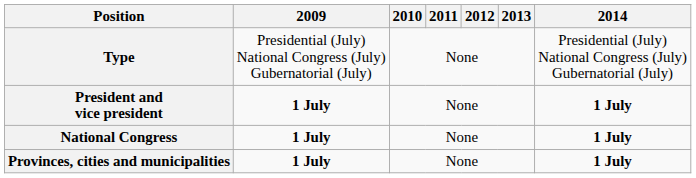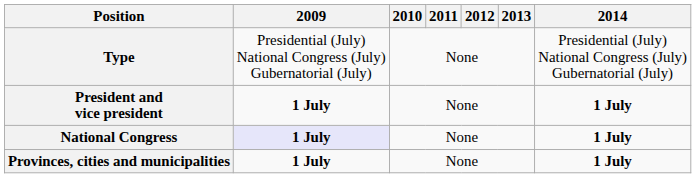 <table class=wikitable style="text-align:center;">
 <tr>
 <th>Position</th>
 <th>2009</th>
 <th>2010</th>
 <th>2011</th>
 <th>2012</th>
 <th>2013</th>
 <th>2014</th>
 </tr>
 <tr>
 <th>Type</th>
 <td>Presidential (July)<br>National Congress (July)<br>Gubernatorial (July)</td>
 <td colspan=4>None</td>
 <td>Presidential (July)<br>National Congress (July)<br>Gubernatorial (July)</td>
 </tr>
 <tr>
 <th>President and<br>vice president</th>
 <td><strong>1 July</strong></td>
 <td colspan=4>None</td>
 <td><strong>1 July</strong></td>
 </tr>
 <tr>
 <th>National Congress</th>
-<td><strong>1 July</strong></td>
+<td style="background: lavender;"><strong>1 July</strong></td>
 <td colspan=4>None</td>
 <td><strong>1 July</strong></td>
 </tr>
 <tr>
 <th>Provinces, cities and municipalities</th>
 <td><strong>1 July</strong></td>
 <td colspan=4>None</td>
 <td><strong>1 July</strong></td>
 </tr>
 </table>
